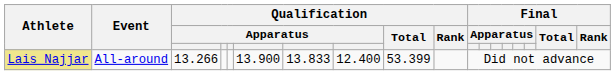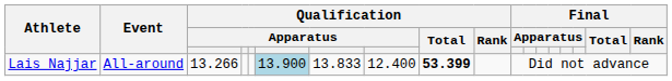 <table class="wikitable" style="font-size:90%">
 <tr>
 <th rowspan=3>Athlete</th>
 <th rowspan=3>Event</th>
 <th colspan =8>Qualification</th>
 <th colspan =8>Final</th>
 </tr>
 <tr style="font-size:95%">
 <th colspan=6>Apparatus</th>
 <th rowspan=2>Total</th>
 <th rowspan=2>Rank</th>
 <th colspan=6>Apparatus</th>
 <th rowspan=2>Total</th>
 <th rowspan=2>Rank</th>
 </tr>
 <tr style="font-size:95%">
 <th></th>
 <th></th>
 <th></th>
 <th></th>
 <th></th>
 <th></th>
 <th></th>
 <th></th>
 <th></th>
 <th></th>
 <th></th>
 <th></th>
 </tr>
 <tr align=center>
-<td align=left style="background: khaki;"><a href='#'>Lais Najjar</a></td>
+<td align=left><a href='#'>Lais Najjar</a></td>
 <td align=left><a href='#'>All-around</a></td>
 <td>13.266</td>
 <td></td>
 <td></td>
-<td>13.900</td>
+<td style="background: lightblue;">13.900</td>
 <td>13.833</td>
 <td>12.400</td>
-<td>53.399</td>
+<td><strong>53.399</strong></td>
 <td></td>
 <td colspan="8">Did not advance</td>
 </tr>
 </table>
